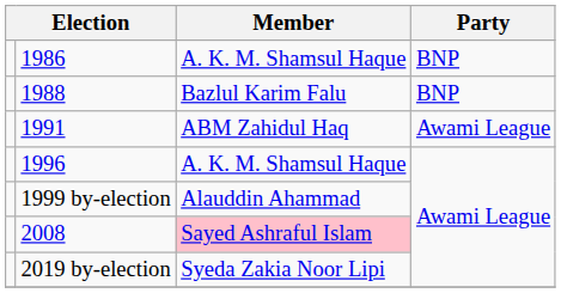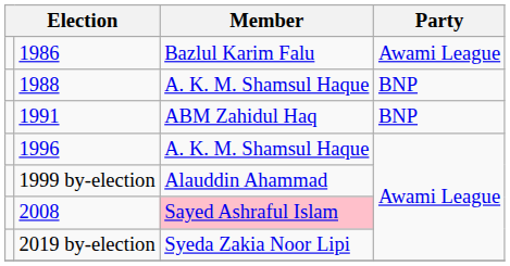 <table class="wikitable">
 <tr>
 <th colspan="2">Election</th>
 <th>Member</th>
 <th>Party</th>
 </tr>
 <tr>
 <td style="background-color:"></td>
 <td><a href='#'>1986</a></td>
-<td><a href='#'>A. K. M. Shamsul Haque</a></td>
-<td><a href='#'>BNP</a></td>
+<td><a href='#'>Bazlul Karim Falu</a></td>
+<td><a href='#'>Awami League</a></td>
 </tr>
 <tr>
 <td style="background-color:"></td>
 <td><a href='#'>1988</a></td>
-<td><a href='#'>Bazlul Karim Falu</a></td>
+<td><a href='#'>A. K. M. Shamsul Haque</a></td>
 <td><a href='#'>BNP</a></td>
 </tr>
 <tr>
 <td style="background-color:"></td>
 <td><a href='#'>1991</a></td>
 <td><a href='#'>ABM Zahidul Haq</a></td>
-<td><a href='#'>Awami League</a></td>
+<td><a href='#'>BNP</a></td>
 </tr>
 <tr>
 <td style="background-color:"></td>
 <td><a href='#'>1996</a></td>
 <td><a href='#'>A. K. M. Shamsul Haque</a></td>
 <td rowspan="4"><a href='#'>Awami League</a></td>
 </tr>
 <tr>
 <td style="background-color:"></td>
 <td>1999 by-election</td>
 <td><a href='#'>Alauddin Ahammad</a></td>
 </tr>
 <tr>
 <td style="background-color:"></td>
 <td><a href='#'>2008</a></td>
 <td style="background: pink;"><a href='#'>Sayed Ashraful Islam</a></td>
 </tr>
 <tr>
 <td style="background-color:"></td>
 <td>2019 by-election</td>
 <td><a href='#'>Syeda Zakia Noor Lipi</a></td>
 </tr>
 <tr>
 </tr>
 </table>
